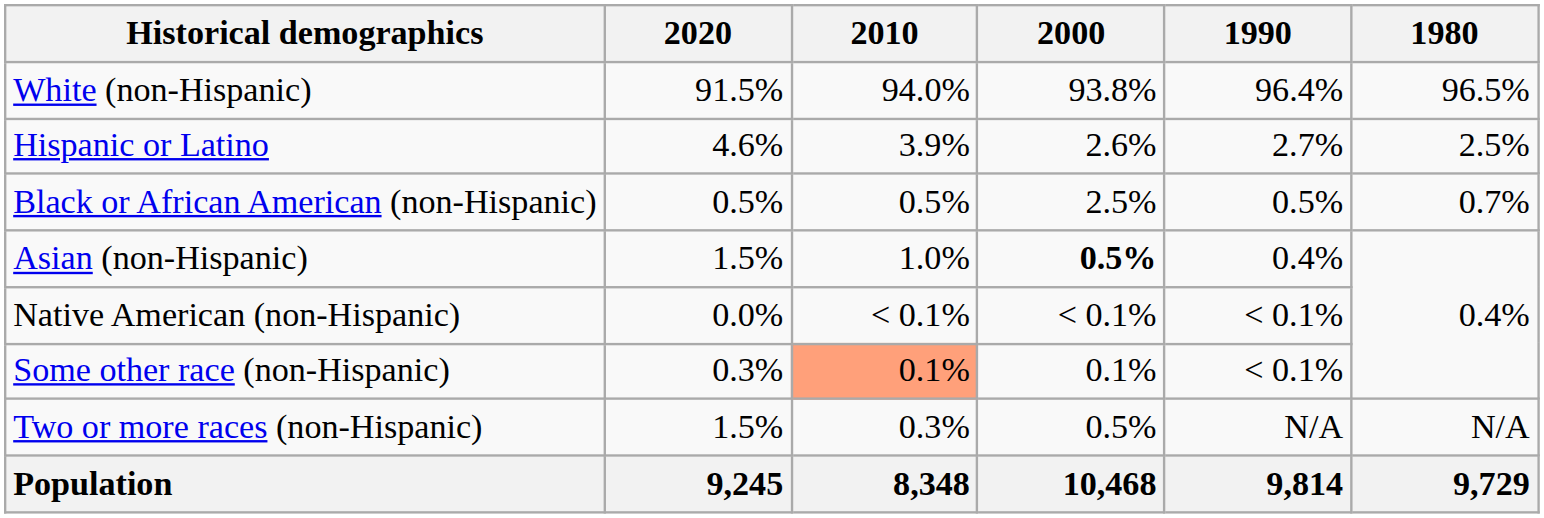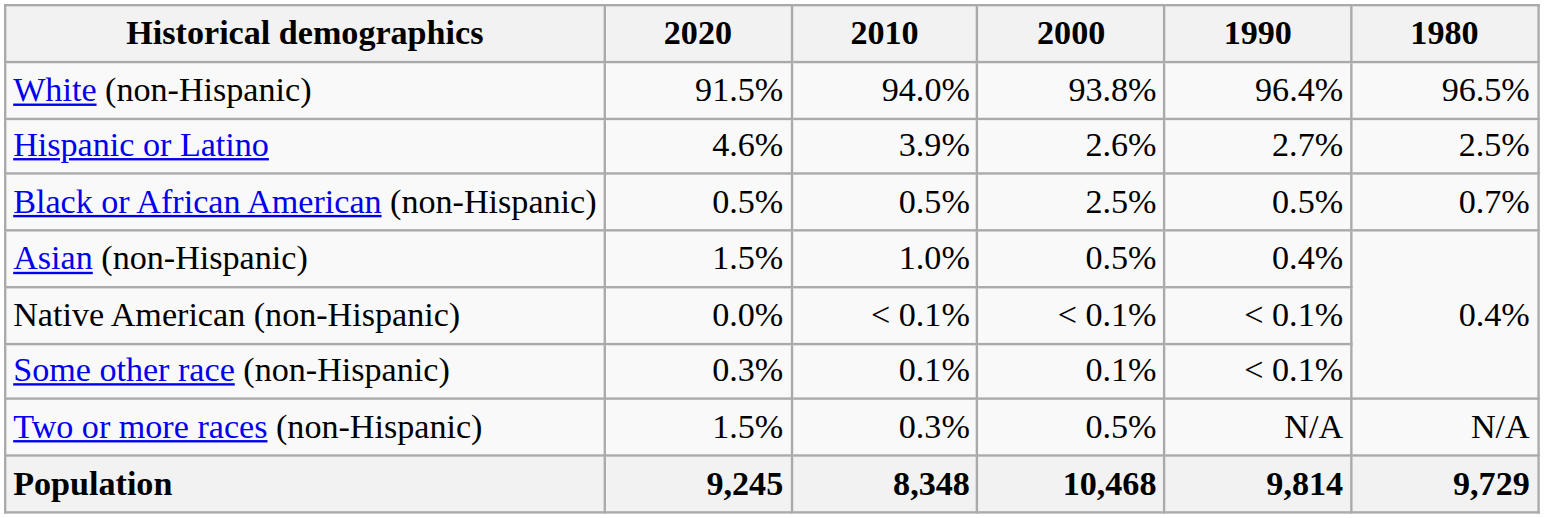 <table class="wikitable" style="font-size: 90%; text-align: right;">
 <tr>
 <th>Historical demographics</th>
 <th style="width: 5em;">2020</th>
 <th style="width: 5em;">2010</th>
 <th style="width: 5em;">2000</th>
 <th style="width: 5em;">1990</th>
 <th style="width: 5em;">1980</th>
 </tr>
 <tr>
 <td style="text-align:left"><a href='#'>White</a> (non-Hispanic)</td>
 <td>91.5%</td>
 <td>94.0%</td>
 <td>93.8%</td>
 <td>96.4%</td>
 <td>96.5%</td>
 </tr>
 <tr>
 <td style="text-align:left"><a href='#'>Hispanic or Latino</a></td>
 <td>4.6%</td>
 <td>3.9%</td>
 <td>2.6%</td>
 <td>2.7%</td>
 <td>2.5%</td>
 </tr>
 <tr>
 <td style="text-align:left"><a href='#'>Black or African American</a> (non-Hispanic)</td>
 <td>0.5%</td>
 <td>0.5%</td>
 <td>2.5%</td>
 <td>0.5%</td>
 <td>0.7%</td>
 </tr>
 <tr>
 <td style="text-align:left"><a href='#'>Asian</a> (non-Hispanic)</td>
 <td>1.5%</td>
 <td>1.0%</td>
-<td><strong>0.5%</strong></td>
+<td>0.5%</td>
 <td>0.4%</td>
 <td rowspan="3">0.4%</td>
 </tr>
 <tr>
 <td style="text-align:left">Native American (non-Hispanic)</td>
 <td>0.0%</td>
 <td>< 0.1%</td>
 <td>< 0.1%</td>
 <td>< 0.1%</td>
 </tr>
 <tr>
 <td style="text-align:left"><a href='#'>Some other race</a> (non-Hispanic)</td>
 <td>0.3%</td>
-<td style="background: lightsalmon;">0.1%</td>
+<td>0.1%</td>
 <td>0.1%</td>
 <td>< 0.1%</td>
 </tr>
 <tr>
 <td style="text-align:left"><a href='#'>Two or more races</a> (non-Hispanic)</td>
 <td>1.5%</td>
 <td>0.3%</td>
 <td>0.5%</td>
 <td>N/A</td>
 <td>N/A</td>
 </tr>
 <tr>
 <th style="text-align:left">Population</th>
 <th style="text-align:right">9,245</th>
 <th style="text-align:right">8,348</th>
 <th style="text-align:right">10,468</th>
 <th style="text-align:right">9,814</th>
 <th style="text-align:right">9,729</th>
 </tr>
 </table>
